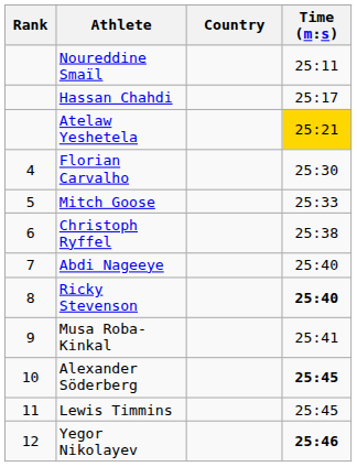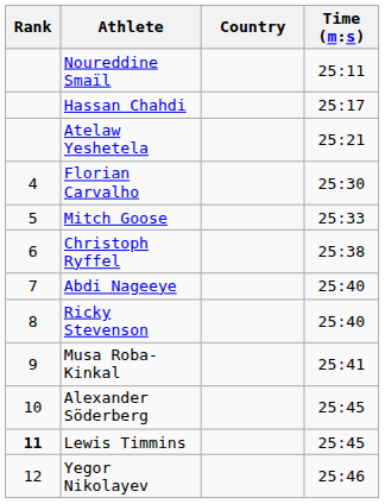 <table class="wikitable" width=50%>
 <tr>
 </tr>
 <tr>
 <th width=5%>Rank</th>
 <th width=20%>Athlete</th>
 <th width=15%>Country</th>
 <th width=10%>Time (<a href='#'>m</a>:<a href='#'>s</a>)</th>
 </tr>
 <tr align="center">
 <td></td>
 <td align="left"><a href='#'>Noureddine Smaïl</a></td>
 <td align="left"></td>
 <td>25:11</td>
 </tr>
 <tr align="center">
 <td></td>
 <td align="left"><a href='#'>Hassan Chahdi</a></td>
 <td align="left"></td>
 <td>25:17</td>
 </tr>
 <tr align="center">
 <td></td>
 <td align="left"><a href='#'>Atelaw Yeshetela</a></td>
 <td align="left"></td>
-<td style="background: gold;">25:21</td>
+<td>25:21</td>
 </tr>
 <tr align="center">
 <td>4</td>
 <td align="left"><a href='#'>Florian Carvalho</a></td>
 <td align="left"></td>
 <td>25:30</td>
 </tr>
 <tr align="center">
 <td>5</td>
 <td align="left"><a href='#'>Mitch Goose</a></td>
 <td align="left"></td>
 <td>25:33</td>
 </tr>
 <tr align="center">
 <td>6</td>
 <td align="left"><a href='#'>Christoph Ryffel</a></td>
 <td align="left"></td>
 <td>25:38</td>
 </tr>
 <tr align="center">
 <td>7</td>
 <td align="left"><a href='#'>Abdi Nageeye</a></td>
 <td align="left"></td>
 <td>25:40</td>
 </tr>
 <tr align="center">
 <td>8</td>
 <td align="left"><a href='#'>Ricky Stevenson</a></td>
 <td align="left"></td>
-<td><strong>25:40</strong></td>
+<td>25:40</td>
 </tr>
 <tr align="center">
 <td>9</td>
 <td align="left">Musa Roba-Kinkal</td>
 <td align="left"></td>
 <td>25:41</td>
 </tr>
 <tr align="center">
 <td>10</td>
 <td align="left">Alexander Söderberg</td>
 <td align="left"></td>
-<td><strong>25:45</strong></td>
+<td>25:45</td>
 </tr>
 <tr align="center">
-<td>11</td>
+<td><strong>11</strong></td>
 <td align="left">Lewis Timmins</td>
 <td align="left"></td>
 <td>25:45</td>
 </tr>
 <tr align="center">
 <td>12</td>
 <td align="left">Yegor Nikolayev</td>
 <td align="left"></td>
-<td><strong>25:46</strong></td>
+<td>25:46</td>
 </tr>
 </table>
